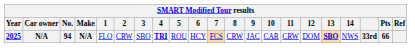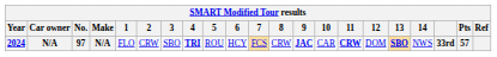 <table class="wikitable" style="text-align:center; font-size:75%">
 <tr>
 <th colspan=38><a href='#'>SMART Modified Tour</a> results</th>
 </tr>
 <tr>
 <th>Year</th>
 <th>Car owner</th>
 <th>No.</th>
 <th>Make</th>
 <th>1</th>
 <th>2</th>
 <th>3</th>
 <th>4</th>
 <th>5</th>
 <th>6</th>
 <th>7</th>
 <th>8</th>
 <th>9</th>
 <th>10</th>
 <th>11</th>
 <th>12</th>
 <th>13</th>
 <th>14</th>
 <th></th>
 <th>Pts</th>
 <th>Ref</th>
 </tr>
 <tr>
-<th><a href='#'>2025</a></th>
+<th><a href='#'>2024</a></th>
 <th>N/A</th>
-<th>94</th>
+<th>97</th>
 <th>N/A</th>
 <td><a href='#'>FLO</a></td>
 <td><a href='#'>CRW</a></td>
 <td><a href='#'>SBO</a></td>
 <td><strong><a href='#'>TRI</a></strong></td>
 <td><a href='#'>ROU</a></td>
 <td><a href='#'>HCY</a></td>
 <td style="background:#FFDF9F;"><a href='#'>FCS</a><br></td>
 <td><a href='#'>CRW</a></td>
-<td><a href='#'>JAC</a></td>
+<td><strong><a href='#'>JAC</a></strong></td>
 <td><a href='#'>CAR</a></td>
-<td><a href='#'>CRW</a></td>
+<td><strong><a href='#'>CRW</a></strong></td>
 <td><a href='#'>DOM</a></td>
 <td style="background:#FFDF9F;"><strong><a href='#'>SBO</a></strong><br></td>
 <td><a href='#'>NWS</a></td>
 <th>33rd</th>
-<th>66</th>
+<th>57</th>
 <th></th>
 </tr>
 </table>
